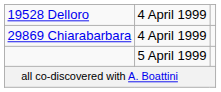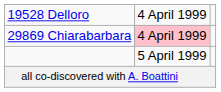 <table class="wikitable floatright" style="font-size: 0.9em;">
 <tr>
 <td><a href='#'>19528 Delloro</a></td>
 <td>4 April 1999</td>
 <td></td>
 </tr>
 <tr>
 <td><a href='#'>29869 Chiarabarbara</a></td>
-<td>4 April 1999</td>
+<td style="background: pink;">4 April 1999</td>
 <td></td>
 </tr>
 <tr>
 <td></td>
 <td>5 April 1999</td>
 <td></td>
 </tr>
 <tr>
 <th colspan=3 style="font-size: smaller; text-align: left; font-weight: normal; padding: 4px 18px;">all co-discovered with <a href='#'>A. Boattini</a></th>
 </tr>
 </table>
